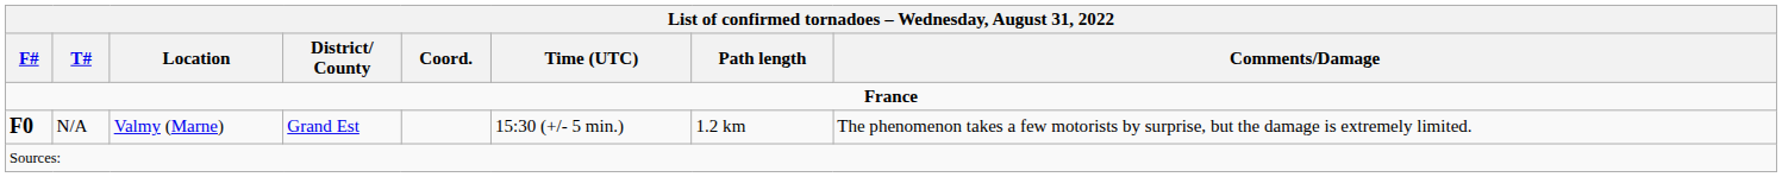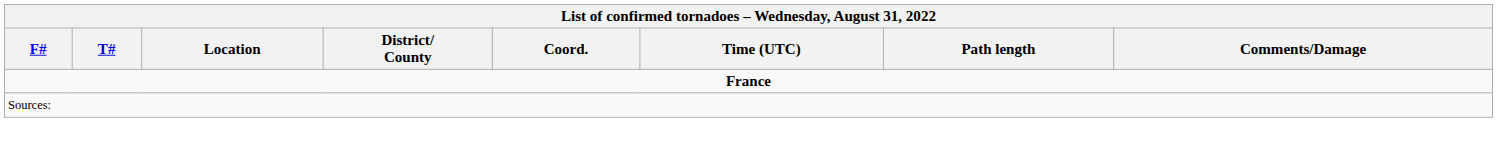 <table class="wikitable collapsible" width="100%">
 <tr>
 <th colspan="8">List of confirmed tornadoes – Wednesday, August 31, 2022</th>
 </tr>
 <tr>
 <th><a href='#'>F#</a></th>
 <th><a href='#'>T#</a></th>
 <th>Location</th>
 <th>District/<br>County</th>
 <th>Coord.</th>
 <th>Time (UTC)</th>
 <th>Path length</th>
 <th>Comments/Damage</th>
 </tr>
 <tr>
 <td colspan="8" align=center><strong>France</strong></td>
 </tr>
 <tr>
-<td><big><strong>F0</strong></big></td>
-<td>N/A</td>
-<td><a href='#'>Valmy</a> (<a href='#'>Marne</a>)</td>
-<td><a href='#'>Grand Est</a></td>
-<td></td>
-<td>15:30 (+/- 5 min.)</td>
-<td>1.2 km</td>
-<td>The phenomenon takes a few motorists by surprise, but the damage is extremely limited.</td>
-</tr>
-<tr>
 <td colspan="8"><small>Sources:  </small></td>
 </tr>
 </table>
